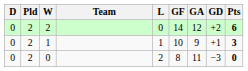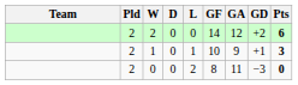 <table class="wikitable" style="text-align:center;">
 <tr>
-<th width=20>D</th>
+<th width=150>Team</th>
 <th width=20>Pld</th>
 <th width=20>W</th>
-<th width=150>Team</th>
+<th width=20>D</th>
 <th width=20>L</th>
 <th width=20>GF</th>
 <th width=20>GA</th>
 <th width=20>GD</th>
 <th width=20>Pts</th>
 </tr>
 <tr align=center style="background:#ccffcc;">
-<td>0</td>
+<td align="left"></td>
 <td>2</td>
 <td>2</td>
-<td align="left"></td>
+<td>0</td>
 <td>0</td>
 <td>14</td>
 <td>12</td>
 <td>+2</td>
 <td><strong>6</strong></td>
 </tr>
 <tr>
-<td>0</td>
+<td align="left"></td>
 <td>2</td>
 <td>1</td>
-<td align="left"></td>
+<td>0</td>
 <td>1</td>
 <td>10</td>
 <td>9</td>
 <td>+1</td>
 <td><strong>3</strong></td>
 </tr>
 <tr>
-<td>0</td>
+<td align="left"></td>
 <td>2</td>
 <td>0</td>
-<td align="left"></td>
+<td>0</td>
 <td>2</td>
 <td>8</td>
 <td>11</td>
 <td>−3</td>
 <td><strong>0</strong></td>
 </tr>
 </table>
